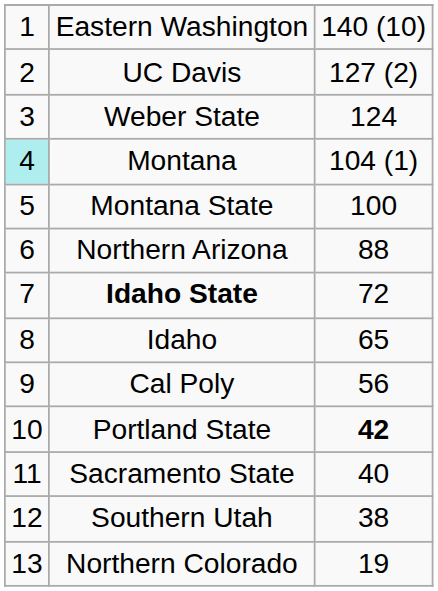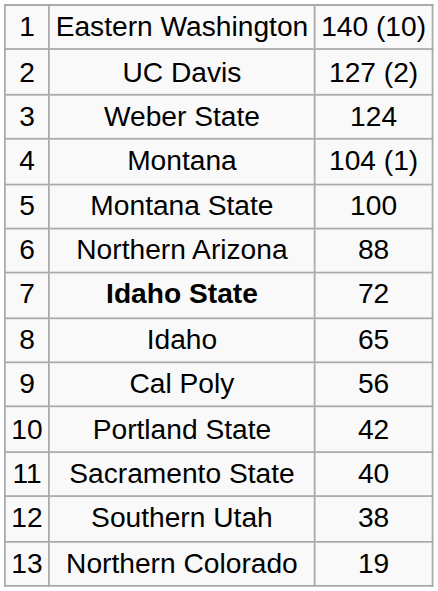 <table class="wikitable" style="display: inline-table;">
 <tr align="center">
 </tr>
 <tr align="center">
 <td>1</td>
 <td>Eastern Washington</td>
 <td>140 (10)</td>
 </tr>
 <tr align="center">
 <td>2</td>
 <td>UC Davis</td>
 <td>127 (2)</td>
 </tr>
 <tr align="center">
 <td>3</td>
 <td>Weber State</td>
 <td>124</td>
 </tr>
 <tr align="center">
-<td style="background: paleturquoise;">4</td>
+<td>4</td>
 <td>Montana</td>
 <td>104 (1)</td>
 </tr>
 <tr align="center">
 <td>5</td>
 <td>Montana State</td>
 <td>100</td>
 </tr>
 <tr align="center">
 <td>6</td>
 <td>Northern Arizona</td>
 <td>88</td>
 </tr>
 <tr align="center">
 <td>7</td>
 <td><strong>Idaho State</strong></td>
 <td>72</td>
 </tr>
 <tr align="center">
 <td>8</td>
 <td>Idaho</td>
 <td>65</td>
 </tr>
 <tr align="center">
 <td>9</td>
 <td>Cal Poly</td>
 <td>56</td>
 </tr>
 <tr align="center">
 <td>10</td>
 <td>Portland State</td>
-<td><strong>42</strong></td>
+<td>42</td>
 </tr>
 <tr align="center">
 <td>11</td>
 <td>Sacramento State</td>
 <td>40</td>
 </tr>
 <tr align="center">
 <td>12</td>
 <td>Southern Utah</td>
 <td>38</td>
 </tr>
 <tr align="center">
 <td>13</td>
 <td>Northern Colorado</td>
 <td>19</td>
 </tr>
 </table>
